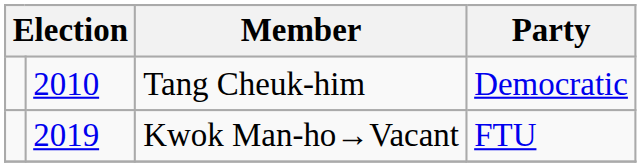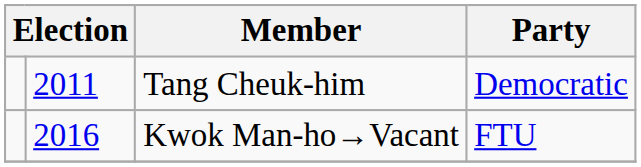 <table class="wikitable">
 <tr>
 <th colspan="2">Election</th>
 <th>Member</th>
 <th>Party</th>
 </tr>
 <tr>
 <td style="color:inherit;background:"></td>
-<td><a href='#'>2010</a></td>
+<td><a href='#'>2011</a></td>
 <td>Tang Cheuk-him</td>
 <td><a href='#'>Democratic</a></td>
 </tr>
 <tr>
 <td style="color:inherit;background:"></td>
-<td><a href='#'>2019</a></td>
+<td><a href='#'>2016</a></td>
 <td>Kwok Man-ho→Vacant</td>
 <td><a href='#'>FTU</a></td>
 </tr>
 <tr>
 </tr>
 </table>
